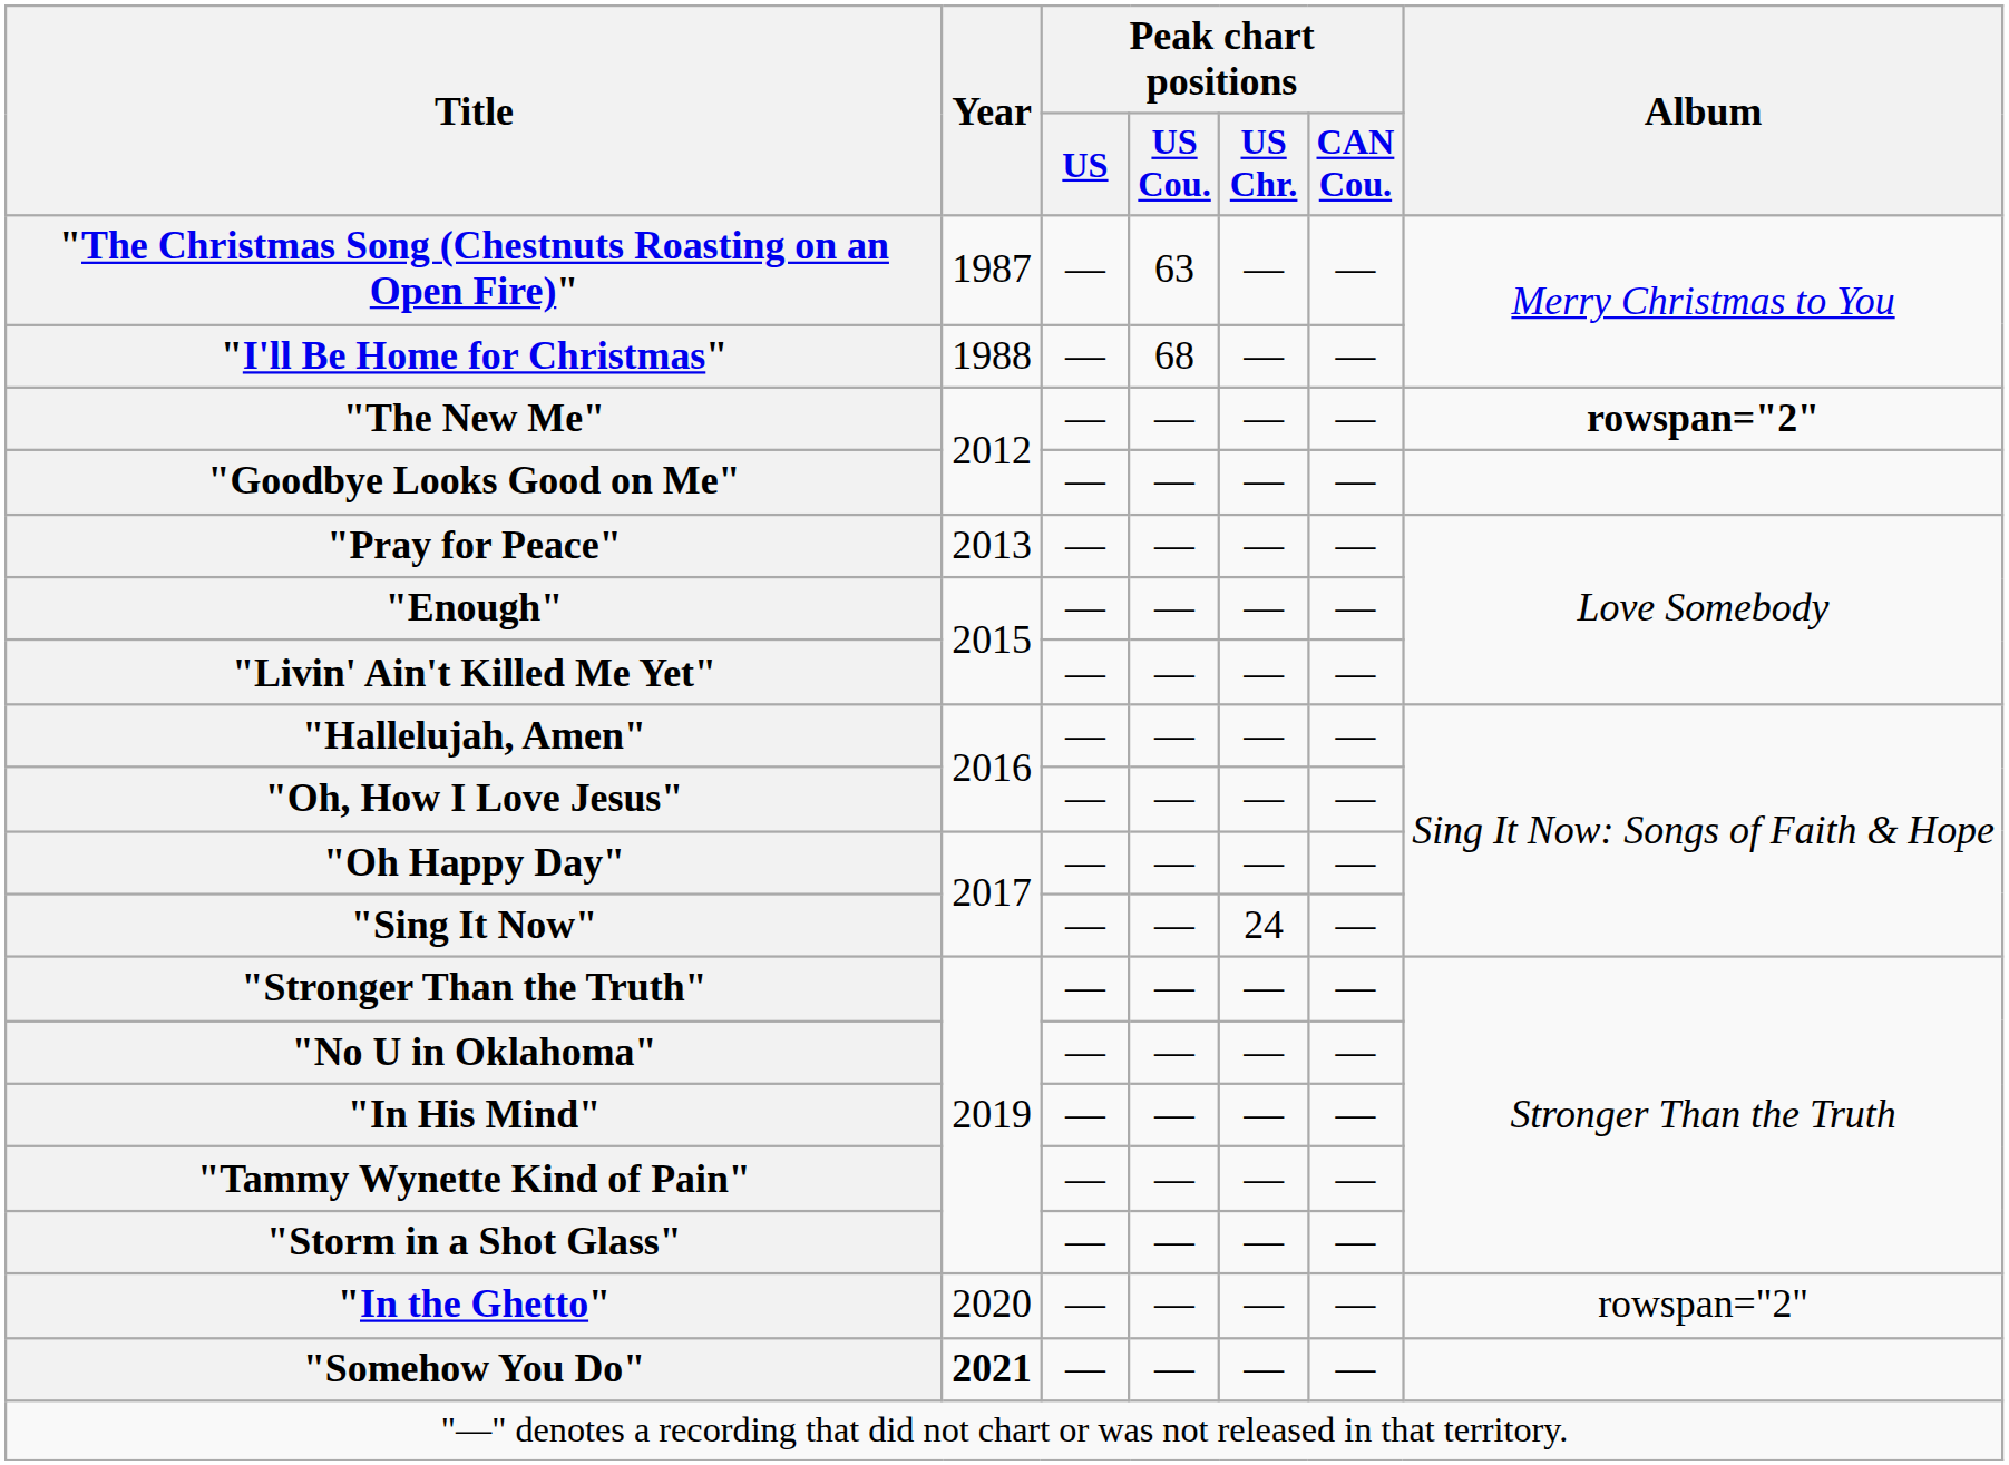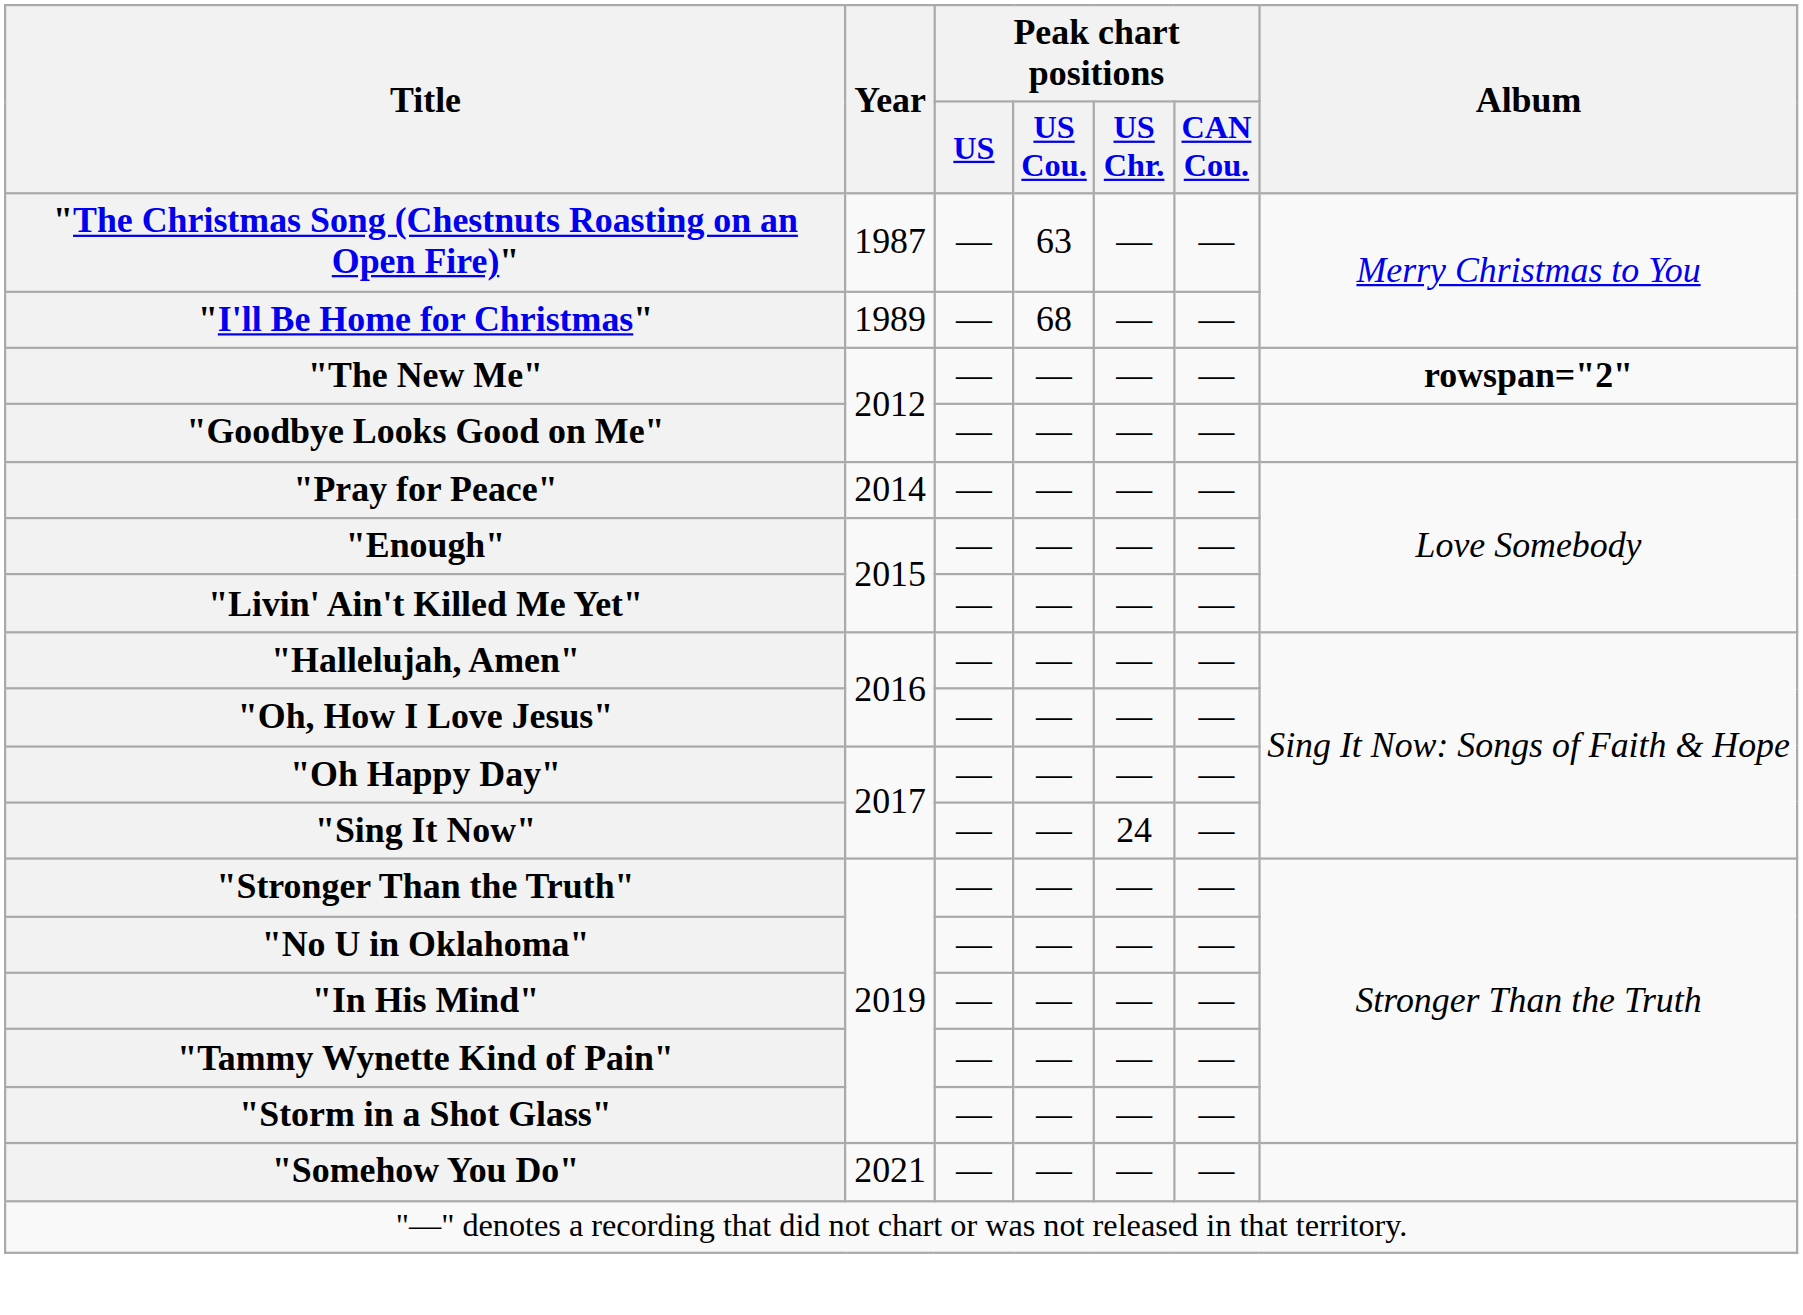 <table class="wikitable plainrowheaders" style="text-align:center;" border="1">
 <tr>
 <th scope="col" rowspan="2" style="width:23em;">Title</th>
 <th scope="col" rowspan="2">Year</th>
 <th scope="col" colspan="4">Peak chart positions</th>
 <th scope="col" rowspan="2">Album</th>
 </tr>
 <tr>
 <th scope="col" style="width:2em;font-size:90%;"><a href='#'>US</a><br></th>
 <th scope="col" style="width:2em;font-size:90%;"><a href='#'>US<br>Cou.</a><br></th>
 <th scope="col" style="width:2em;font-size:90%;"><a href='#'>US<br>Chr.</a><br></th>
 <th scope="col" style="width:2em;font-size:90%;"><a href='#'>CAN<br>Cou.</a><br></th>
 </tr>
 <tr>
 <th scope="row">"<a href='#'>The Christmas Song (Chestnuts Roasting on an<br>Open Fire)</a>"</th>
 <td>1987</td>
 <td>—</td>
 <td>63</td>
 <td>—</td>
 <td>—</td>
 <td rowspan="2"><em><a href='#'>Merry Christmas to You</a></em></td>
 </tr>
 <tr>
 <th scope="row">"<a href='#'>I'll Be Home for Christmas</a>"</th>
-<td>1988</td>
+<td>1989</td>
 <td>—</td>
 <td>68</td>
 <td>—</td>
 <td>—</td>
 </tr>
 <tr>
 <th scope="row">"The New Me" </th>
 <td rowspan="2">2012</td>
 <td>—</td>
 <td>—</td>
 <td>—</td>
 <td>—</td>
 <td><strong>rowspan="2" </strong></td>
 </tr>
 <tr>
 <th scope="row">"Goodbye Looks Good on Me"<br></th>
 <td>—</td>
 <td>—</td>
 <td>—</td>
 <td>—</td>
 </tr>
 <tr>
 <th scope="row">"Pray for Peace"</th>
-<td>2013</td>
+<td>2014</td>
 <td>—</td>
 <td>—</td>
 <td>—</td>
 <td>—</td>
 <td rowspan="3"><em>Love Somebody</em></td>
 </tr>
 <tr>
 <th scope="row">"Enough" </th>
 <td rowspan="2">2015</td>
 <td>—</td>
 <td>—</td>
 <td>—</td>
 <td>—</td>
 </tr>
 <tr>
 <th scope="row">"Livin' Ain't Killed Me Yet"</th>
 <td>—</td>
 <td>—</td>
 <td>—</td>
 <td>—</td>
 </tr>
 <tr>
 <th scope="row">"Hallelujah, Amen"</th>
 <td rowspan="2">2016</td>
 <td>—</td>
 <td>—</td>
 <td>—</td>
 <td>—</td>
 <td rowspan="4"><em>Sing It Now: Songs of Faith & Hope</em></td>
 </tr>
 <tr>
 <th scope="row">"Oh, How I Love Jesus"</th>
 <td>—</td>
 <td>—</td>
 <td>—</td>
 <td>—</td>
 </tr>
 <tr>
 <th scope="row">"Oh Happy Day"</th>
 <td rowspan="2">2017</td>
 <td>—</td>
 <td>—</td>
 <td>—</td>
 <td>—</td>
 </tr>
 <tr>
 <th scope="row">"Sing It Now"</th>
 <td>—</td>
 <td>—</td>
 <td>24</td>
 <td>—</td>
 </tr>
 <tr>
 <th scope="row">"Stronger Than the Truth"</th>
 <td rowspan="5">2019</td>
 <td>—</td>
 <td>—</td>
 <td>—</td>
 <td>—</td>
 <td rowspan="5"><em>Stronger Than the Truth</em></td>
 </tr>
 <tr>
 <th scope="row">"No U in Oklahoma"</th>
 <td>—</td>
 <td>—</td>
 <td>—</td>
 <td>—</td>
 </tr>
 <tr>
 <th scope="row">"In His Mind"</th>
 <td>—</td>
 <td>—</td>
 <td>—</td>
 <td>—</td>
 </tr>
 <tr>
 <th scope="row">"Tammy Wynette Kind of Pain"</th>
 <td>—</td>
 <td>—</td>
 <td>—</td>
 <td>—</td>
 </tr>
 <tr>
 <th scope="row">"Storm in a Shot Glass"</th>
 <td>—</td>
 <td>—</td>
 <td>—</td>
 <td>—</td>
 </tr>
 <tr>
-<th scope="row">"<a href='#'>In the Ghetto</a>" </th>
-<td>2020</td>
-<td>—</td>
-<td>—</td>
-<td>—</td>
-<td>—</td>
-<td>rowspan="2" </td>
-</tr>
-<tr>
 <th scope="row">"Somehow You Do"</th>
-<td><strong>2021</strong></td>
+<td>2021</td>
 <td>—</td>
 <td>—</td>
 <td>—</td>
 <td>—</td>
 </tr>
 <tr>
 <td colspan="7" style="font-size:90%">"—" denotes a recording that did not chart or was not released in that territory.</td>
 </tr>
 </table>
